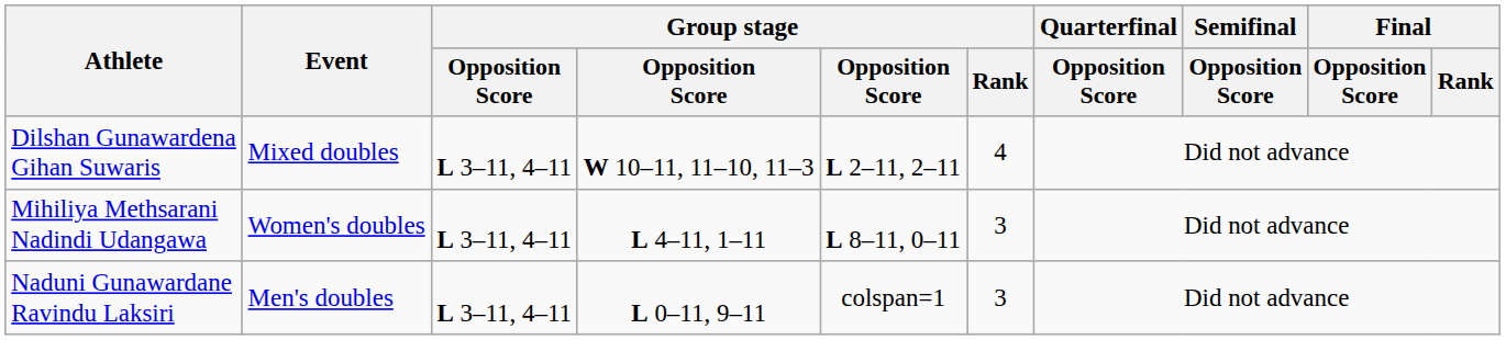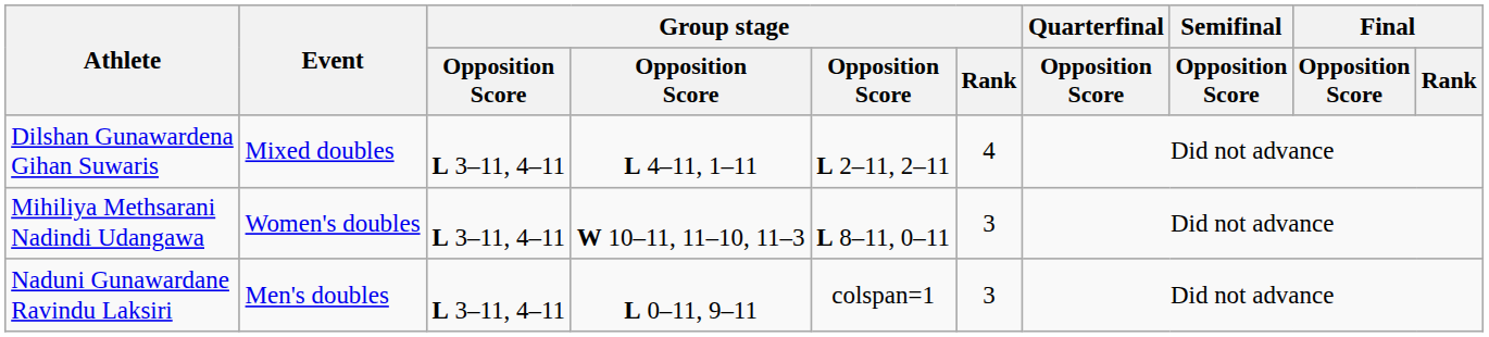 <table class="wikitable" style="font-size:88%">
 <tr>
 <th rowspan=2>Athlete</th>
 <th rowspan=2>Event</th>
 <th colspan=4>Group stage</th>
 <th>Quarterfinal</th>
 <th>Semifinal</th>
 <th colspan=3>Final</th>
 </tr>
 <tr style="font-size:95%">
 <th>Opposition<br>Score</th>
 <th>Opposition<br>Score</th>
 <th>Opposition<br>Score</th>
 <th>Rank</th>
 <th>Opposition<br>Score</th>
 <th>Opposition<br>Score</th>
 <th>Opposition<br>Score</th>
 <th>Rank</th>
 </tr>
 <tr align=center>
 <td align=left><a href='#'>Dilshan Gunawardena</a><br><a href='#'>Gihan Suwaris</a></td>
 <td align=left><a href='#'>Mixed doubles</a></td>
 <td><br><strong>L</strong> 3–11, 4–11</td>
-<td><br><strong>W</strong> 10–11, 11–10, 11–3</td>
+<td><br><strong>L</strong> 4–11, 1–11</td>
 <td><br><strong>L</strong> 2–11, 2–11</td>
 <td>4</td>
 <td colspan="4">Did not advance</td>
 </tr>
 <tr align=center>
 <td align=left><a href='#'>Mihiliya Methsarani</a><br><a href='#'>Nadindi Udangawa</a></td>
 <td align=left><a href='#'>Women's doubles</a></td>
 <td><br><strong>L</strong> 3–11, 4–11</td>
-<td><br><strong>L</strong> 4–11, 1–11</td>
+<td><br><strong>W</strong> 10–11, 11–10, 11–3</td>
 <td><br><strong>L</strong> 8–11, 0–11</td>
 <td>3</td>
 <td colspan="4">Did not advance</td>
 </tr>
 <tr align=center>
 <td align=left><a href='#'>Naduni Gunawardane</a><br><a href='#'>Ravindu Laksiri</a></td>
 <td align=left><a href='#'>Men's doubles</a></td>
 <td><br><strong>L</strong> 3–11, 4–11</td>
 <td><br><strong>L</strong> 0–11, 9–11</td>
 <td>colspan=1 </td>
 <td>3</td>
 <td colspan="4">Did not advance</td>
 </tr>
 </table>
